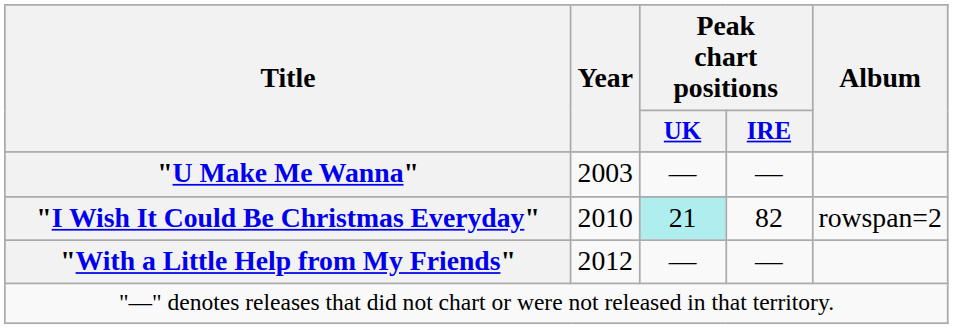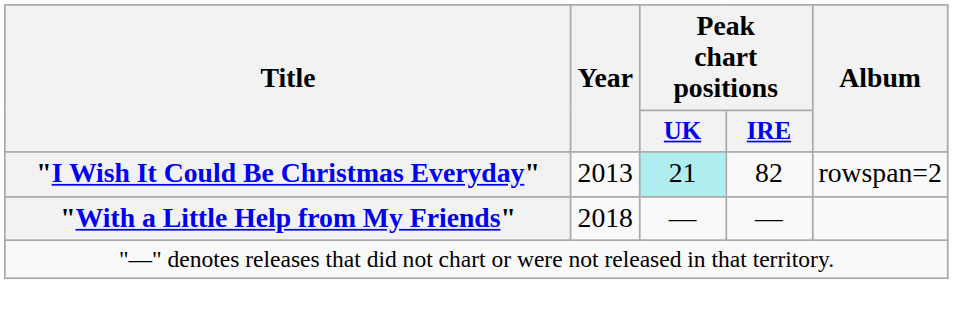 <table class="wikitable plainrowheaders" style="text-align:center;" border="1">
 <tr>
 <th scope="col" rowspan="2" style="width:20em;">Title</th>
 <th scope="col" rowspan="2">Year</th>
 <th scope="col" colspan="2">Peak<br>chart<br>positions</th>
 <th scope="col" rowspan="2">Album</th>
 </tr>
 <tr>
 <th scope="col" style="width:3em;font-size:90%;"><a href='#'>UK</a><br></th>
 <th scope="col" style="width:3em;font-size:90%;"><a href='#'>IRE</a><br></th>
 </tr>
 <tr>
-<th scope="row">"<a href='#'>U Make Me Wanna</a>"<br></th>
-<td>2003</td>
-<td>—</td>
-<td>—</td>
-<td></td>
-</tr>
-<tr>
 <th scope="row">"<a href='#'>I Wish It Could Be Christmas Everyday</a>"<br></th>
-<td>2010</td>
+<td>2013</td>
 <td style="background: paleturquoise;">21</td>
 <td>82</td>
 <td>rowspan=2 </td>
 </tr>
 <tr>
 <th scope="row">"<a href='#'>With a Little Help from My Friends</a>"<br></th>
-<td>2012</td>
+<td>2018</td>
 <td>—</td>
 <td>—</td>
 </tr>
 <tr>
 <td align="center" colspan="5" style="font-size:85%">"—" denotes releases that did not chart or were not released in that territory.</td>
 </tr>
 </table>
